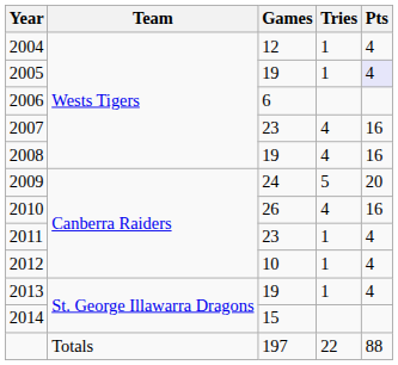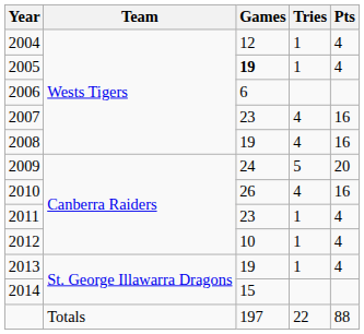 <table class="wikitable">
 <tr>
 <th>Year</th>
 <th>Team</th>
 <th>Games</th>
 <th>Tries</th>
 <th>Pts</th>
 </tr>
 <tr>
 <td>2004</td>
 <td rowspan="5"> <a href='#'>Wests Tigers</a></td>
 <td>12</td>
 <td>1</td>
 <td>4</td>
 </tr>
 <tr>
 <td>2005</td>
-<td>19</td>
+<td><strong>19</strong></td>
 <td>1</td>
-<td style="background: lavender;">4</td>
+<td>4</td>
 </tr>
 <tr>
 <td>2006</td>
 <td>6</td>
 <td></td>
 <td></td>
 </tr>
 <tr>
 <td>2007</td>
 <td>23</td>
 <td>4</td>
 <td>16</td>
 </tr>
 <tr>
 <td>2008</td>
 <td>19</td>
 <td>4</td>
 <td>16</td>
 </tr>
 <tr>
 <td>2009</td>
 <td rowspan="4"> <a href='#'>Canberra Raiders</a></td>
 <td>24</td>
 <td>5</td>
 <td>20</td>
 </tr>
 <tr>
 <td>2010</td>
 <td>26</td>
 <td>4</td>
 <td>16</td>
 </tr>
 <tr>
 <td>2011</td>
 <td>23</td>
 <td>1</td>
 <td>4</td>
 </tr>
 <tr>
 <td>2012</td>
 <td>10</td>
 <td>1</td>
 <td>4</td>
 </tr>
 <tr>
 <td>2013</td>
 <td rowspan="2"> <a href='#'>St. George Illawarra Dragons</a></td>
 <td>19</td>
 <td>1</td>
 <td>4</td>
 </tr>
 <tr>
 <td>2014</td>
 <td>15</td>
 <td></td>
 <td></td>
 </tr>
 <tr>
 <td></td>
 <td>Totals</td>
 <td>197</td>
 <td>22</td>
 <td>88</td>
 </tr>
 </table>
